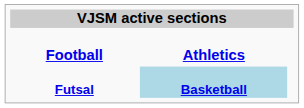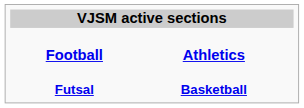 <table class="infobox" style="width: 20em; font-size: 95%em;">
 <tr style="background:#ccc; text-align:center;">
 <th colspan="3">VJSM active sections</th>
 </tr>
 <tr style="text-align: center">
 <td><br><strong><a href='#'>Football</a></strong></td>
 <td><br><strong><a href='#'>Athletics</a></strong></td>
 </tr>
 <tr style="font-size: 90%; text-align: center">
 <td><br><strong><a href='#'>Futsal</a></strong></td>
-<td style="background: lightblue;"><br><strong><a href='#'>Basketball</a></strong></td>
+<td><br><strong><a href='#'>Basketball</a></strong></td>
 <td></td>
 </tr>
 </table>
